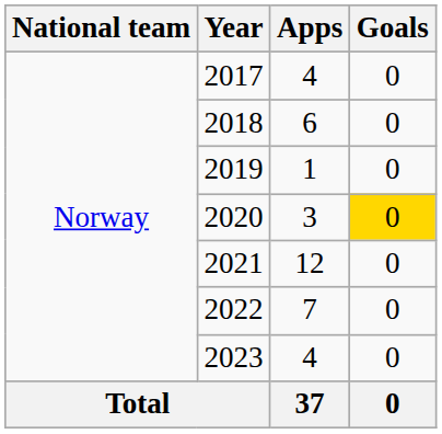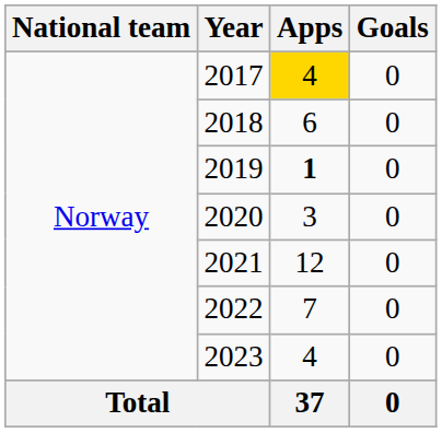 <table class="wikitable" style="text-align:center">
 <tr>
 <th>National team</th>
 <th>Year</th>
 <th>Apps</th>
 <th>Goals</th>
 </tr>
 <tr>
 <td rowspan="7"><a href='#'>Norway</a></td>
 <td>2017</td>
-<td>4</td>
+<td style="background: gold;">4</td>
 <td>0</td>
 </tr>
 <tr>
 <td>2018</td>
 <td>6</td>
 <td>0</td>
 </tr>
 <tr>
 <td>2019</td>
-<td>1</td>
+<td><strong>1</strong></td>
 <td>0</td>
 </tr>
 <tr>
 <td>2020</td>
 <td>3</td>
-<td style="background: gold;">0</td>
+<td>0</td>
 </tr>
 <tr>
 <td>2021</td>
 <td>12</td>
 <td>0</td>
 </tr>
 <tr>
 <td>2022</td>
 <td>7</td>
 <td>0</td>
 </tr>
 <tr>
 <td>2023</td>
 <td>4</td>
 <td>0</td>
 </tr>
 <tr>
 <th colspan="2">Total</th>
 <th>37</th>
 <th>0</th>
 </tr>
 </table>
